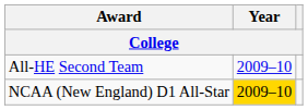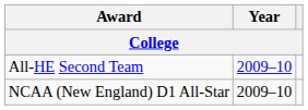 <table class="wikitable">
 <tr>
 <th>Award</th>
 <th>Year</th>
 <th></th>
 </tr>
 <tr>
 <th colspan="3"><a href='#'>College</a></th>
 </tr>
 <tr>
 <td>All-<a href='#'>HE</a> <a href='#'>Second Team</a></td>
 <td><a href='#'>2009–10</a></td>
 <td></td>
 </tr>
 <tr>
 <td>NCAA (New England) D1 All-Star</td>
-<td style="background: gold;">2009–10</td>
+<td>2009–10</td>
 <td></td>
 </tr>
 </table>
